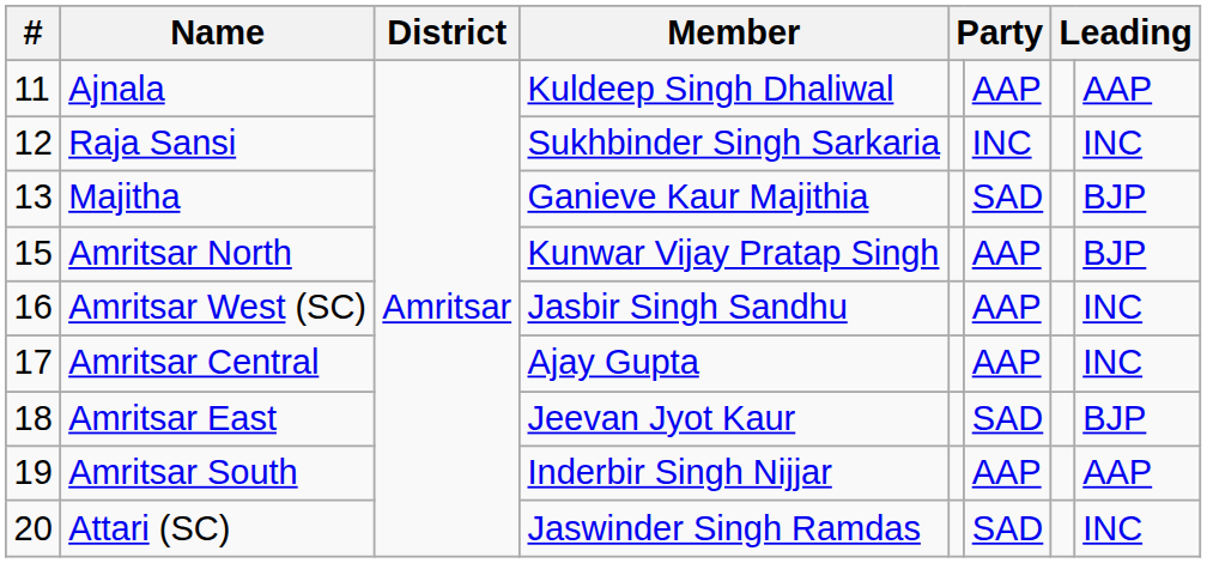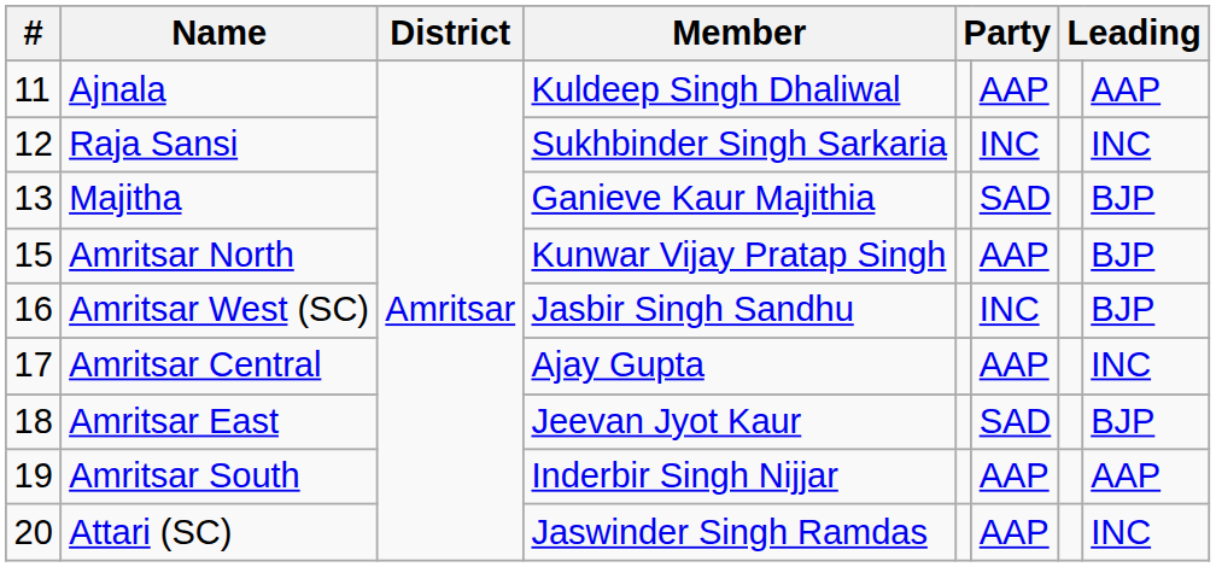 <table class="wikitable">
 <tr>
 <th>#</th>
 <th>Name</th>
 <th>District</th>
 <th>Member</th>
 <th colspan="2">Party</th>
 <th colspan="2">Leading<br></th>
 </tr>
 <tr>
 <td>11</td>
 <td><a href='#'>Ajnala</a></td>
 <td rowspan="9"><a href='#'>Amritsar</a></td>
 <td><a href='#'>Kuldeep Singh Dhaliwal</a></td>
 <td style="background-color: "></td>
 <td><a href='#'>AAP</a></td>
 <td style="background-color:"></td>
 <td><a href='#'>AAP</a></td>
 </tr>
 <tr>
 <td>12</td>
 <td><a href='#'>Raja Sansi</a></td>
 <td><a href='#'>Sukhbinder Singh Sarkaria</a></td>
 <td style="background: "></td>
 <td><a href='#'>INC</a></td>
 <td style="background-color:"></td>
 <td><a href='#'>INC</a></td>
 </tr>
 <tr>
 <td>13</td>
 <td><a href='#'>Majitha</a></td>
 <td><a href='#'>Ganieve Kaur Majithia</a></td>
 <td style="background: "></td>
 <td><a href='#'>SAD</a></td>
 <td style="background-color:"></td>
 <td><a href='#'>BJP</a></td>
 </tr>
 <tr>
 <td>15</td>
 <td><a href='#'>Amritsar North</a></td>
 <td><a href='#'>Kunwar Vijay Pratap Singh</a></td>
 <td style="background-color: "></td>
 <td><a href='#'>AAP</a></td>
 <td style="background-color:"></td>
 <td><a href='#'>BJP</a></td>
 </tr>
 <tr>
 <td>16</td>
 <td><a href='#'>Amritsar West</a> (SC)</td>
 <td><a href='#'>Jasbir Singh Sandhu</a></td>
 <td style="background-color: "></td>
-<td><a href='#'>AAP</a></td>
+<td><a href='#'>INC</a></td>
 <td style="background-color:"></td>
-<td><a href='#'>INC</a></td>
+<td><a href='#'>BJP</a></td>
 </tr>
 <tr>
 <td>17</td>
 <td><a href='#'>Amritsar Central</a></td>
 <td><a href='#'>Ajay Gupta</a></td>
 <td style="background-color: "></td>
 <td><a href='#'>AAP</a></td>
 <td style="background-color:"></td>
 <td><a href='#'>INC</a></td>
 </tr>
 <tr>
 <td>18</td>
 <td><a href='#'>Amritsar East</a></td>
 <td><a href='#'>Jeevan Jyot Kaur</a></td>
 <td style="background-color: "></td>
 <td><a href='#'>SAD</a></td>
 <td style="background-color:"></td>
 <td><a href='#'>BJP</a></td>
 </tr>
 <tr>
 <td>19</td>
 <td><a href='#'>Amritsar South</a></td>
 <td><a href='#'>Inderbir Singh Nijjar</a></td>
 <td style="background-color: "></td>
 <td><a href='#'>AAP</a></td>
 <td style="background-color:"></td>
 <td><a href='#'>AAP</a></td>
 </tr>
 <tr>
 <td>20</td>
 <td><a href='#'>Attari</a> (SC)</td>
 <td><a href='#'>Jaswinder Singh Ramdas</a></td>
 <td style="background-color: "></td>
-<td><a href='#'>SAD</a></td>
+<td><a href='#'>AAP</a></td>
 <td style="background-color:"></td>
 <td><a href='#'>INC</a></td>
 </tr>
 </table>
